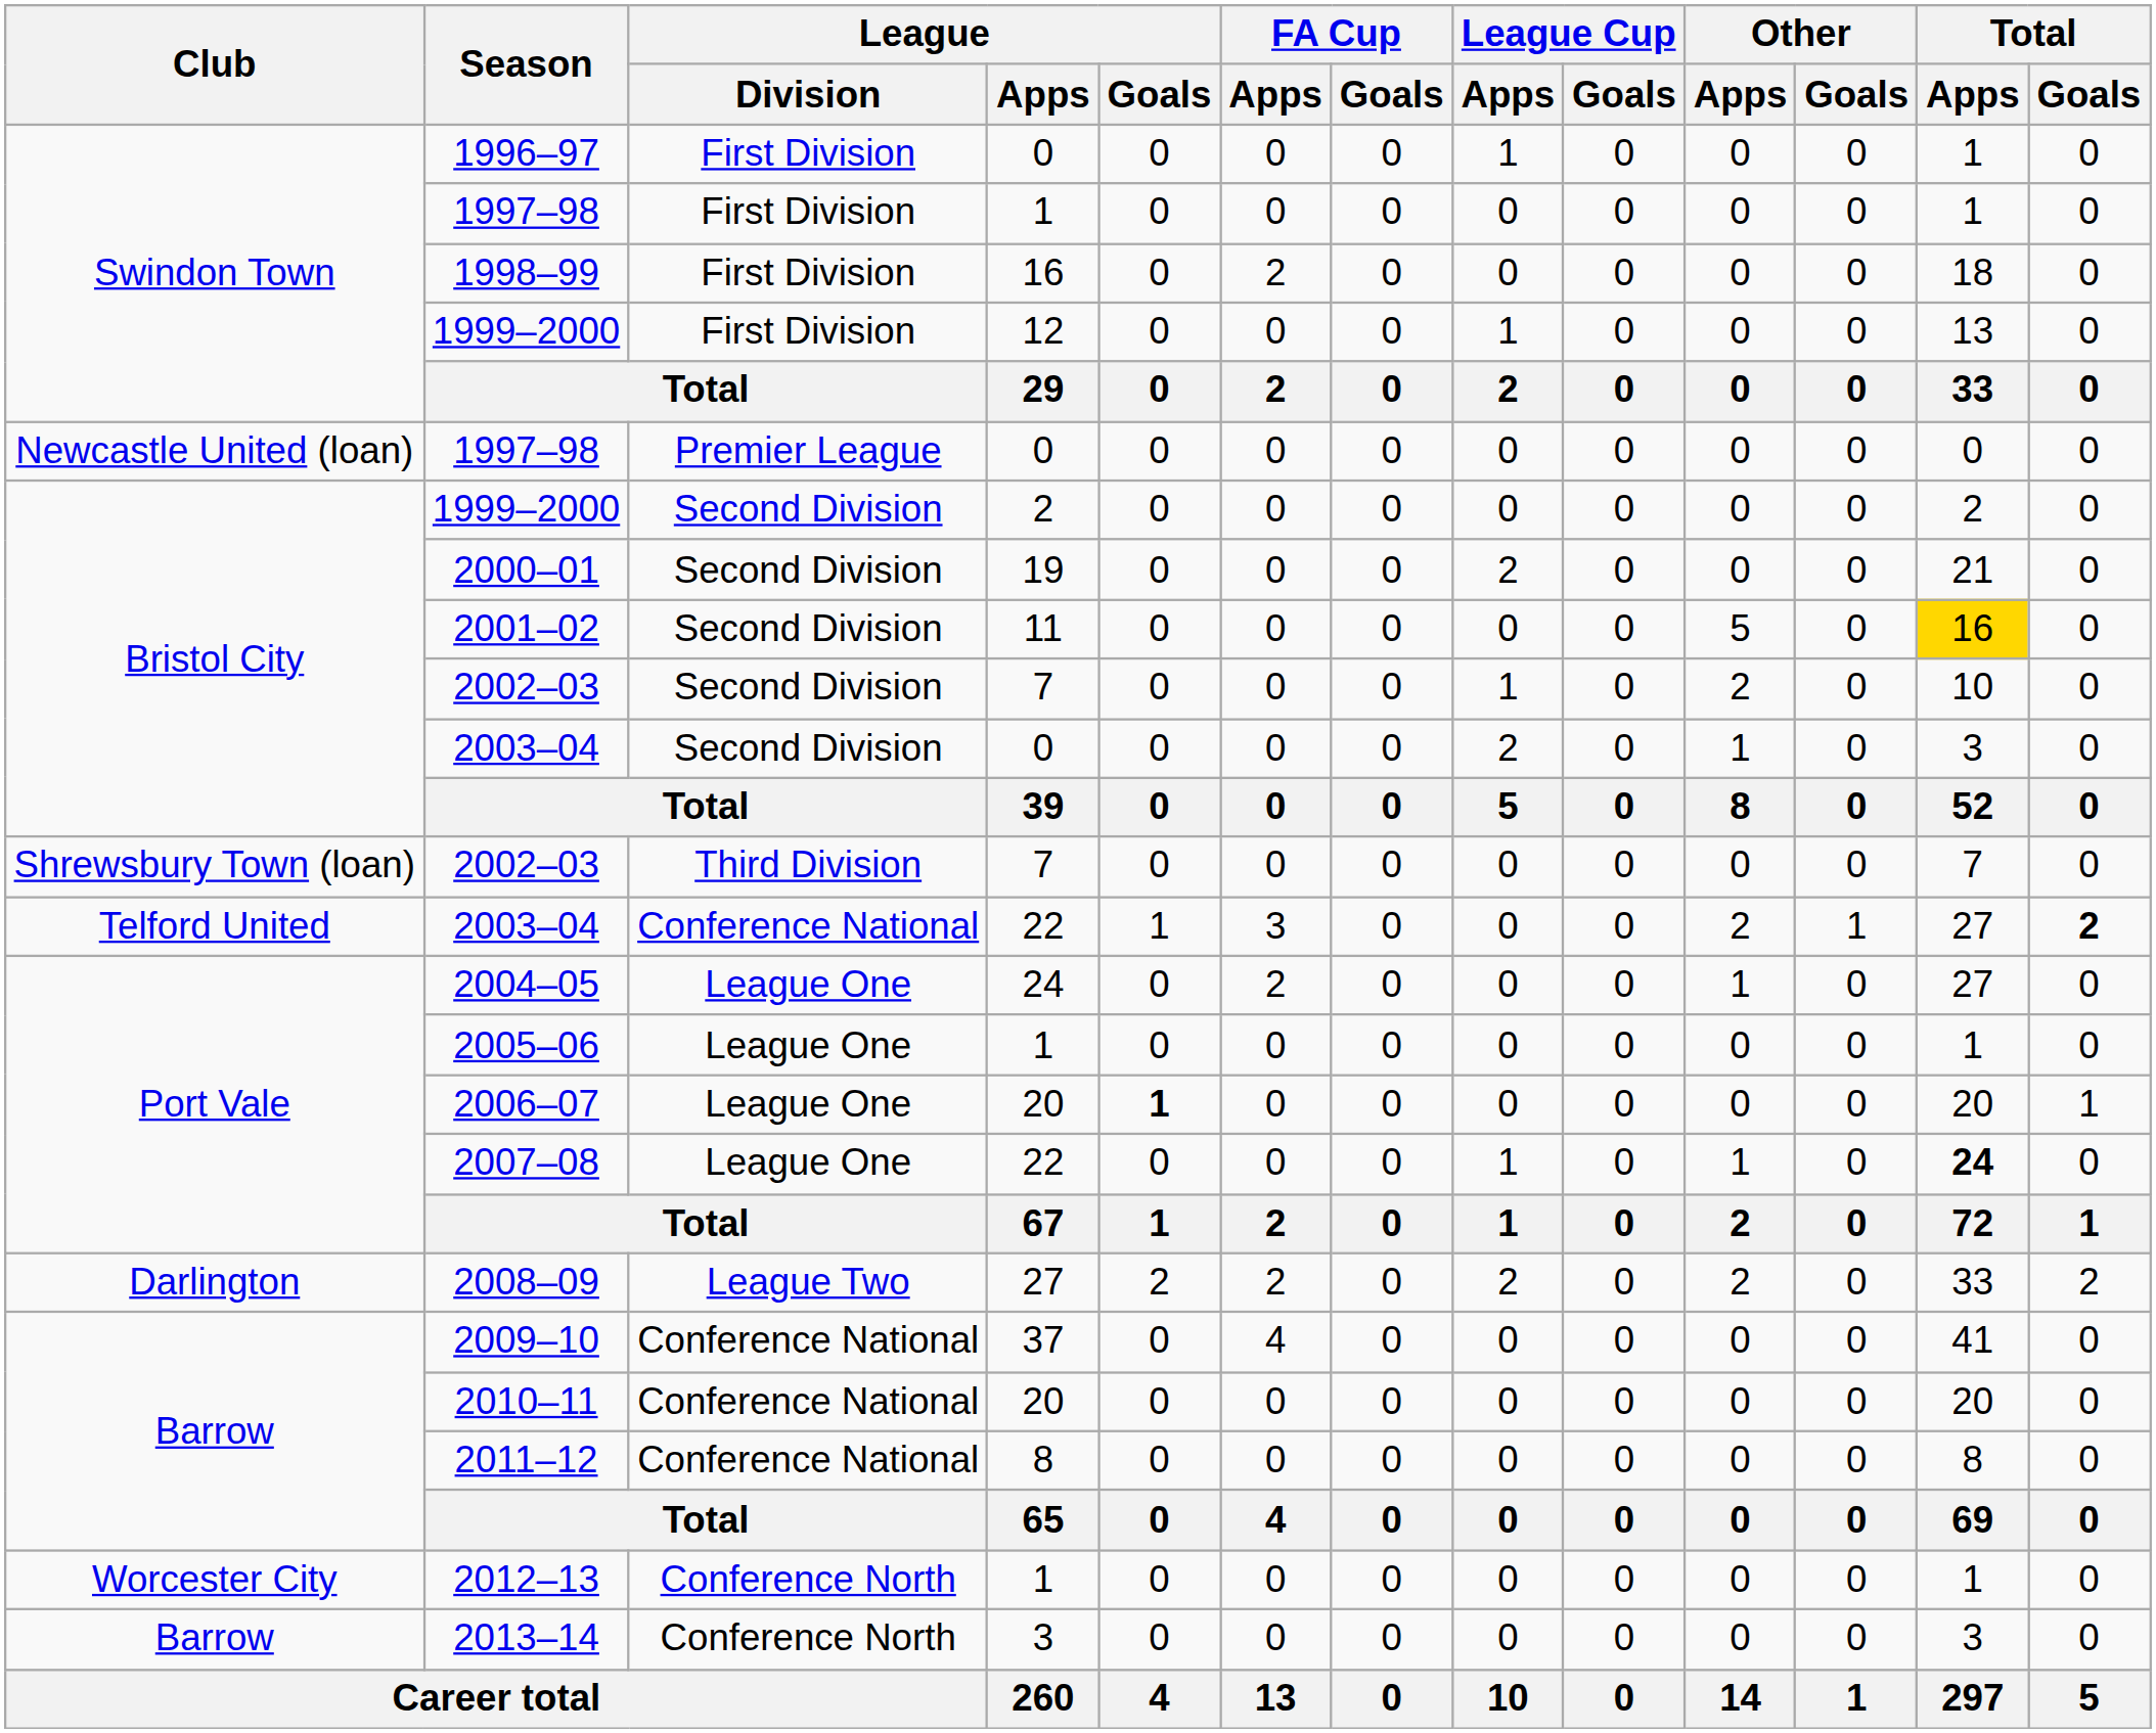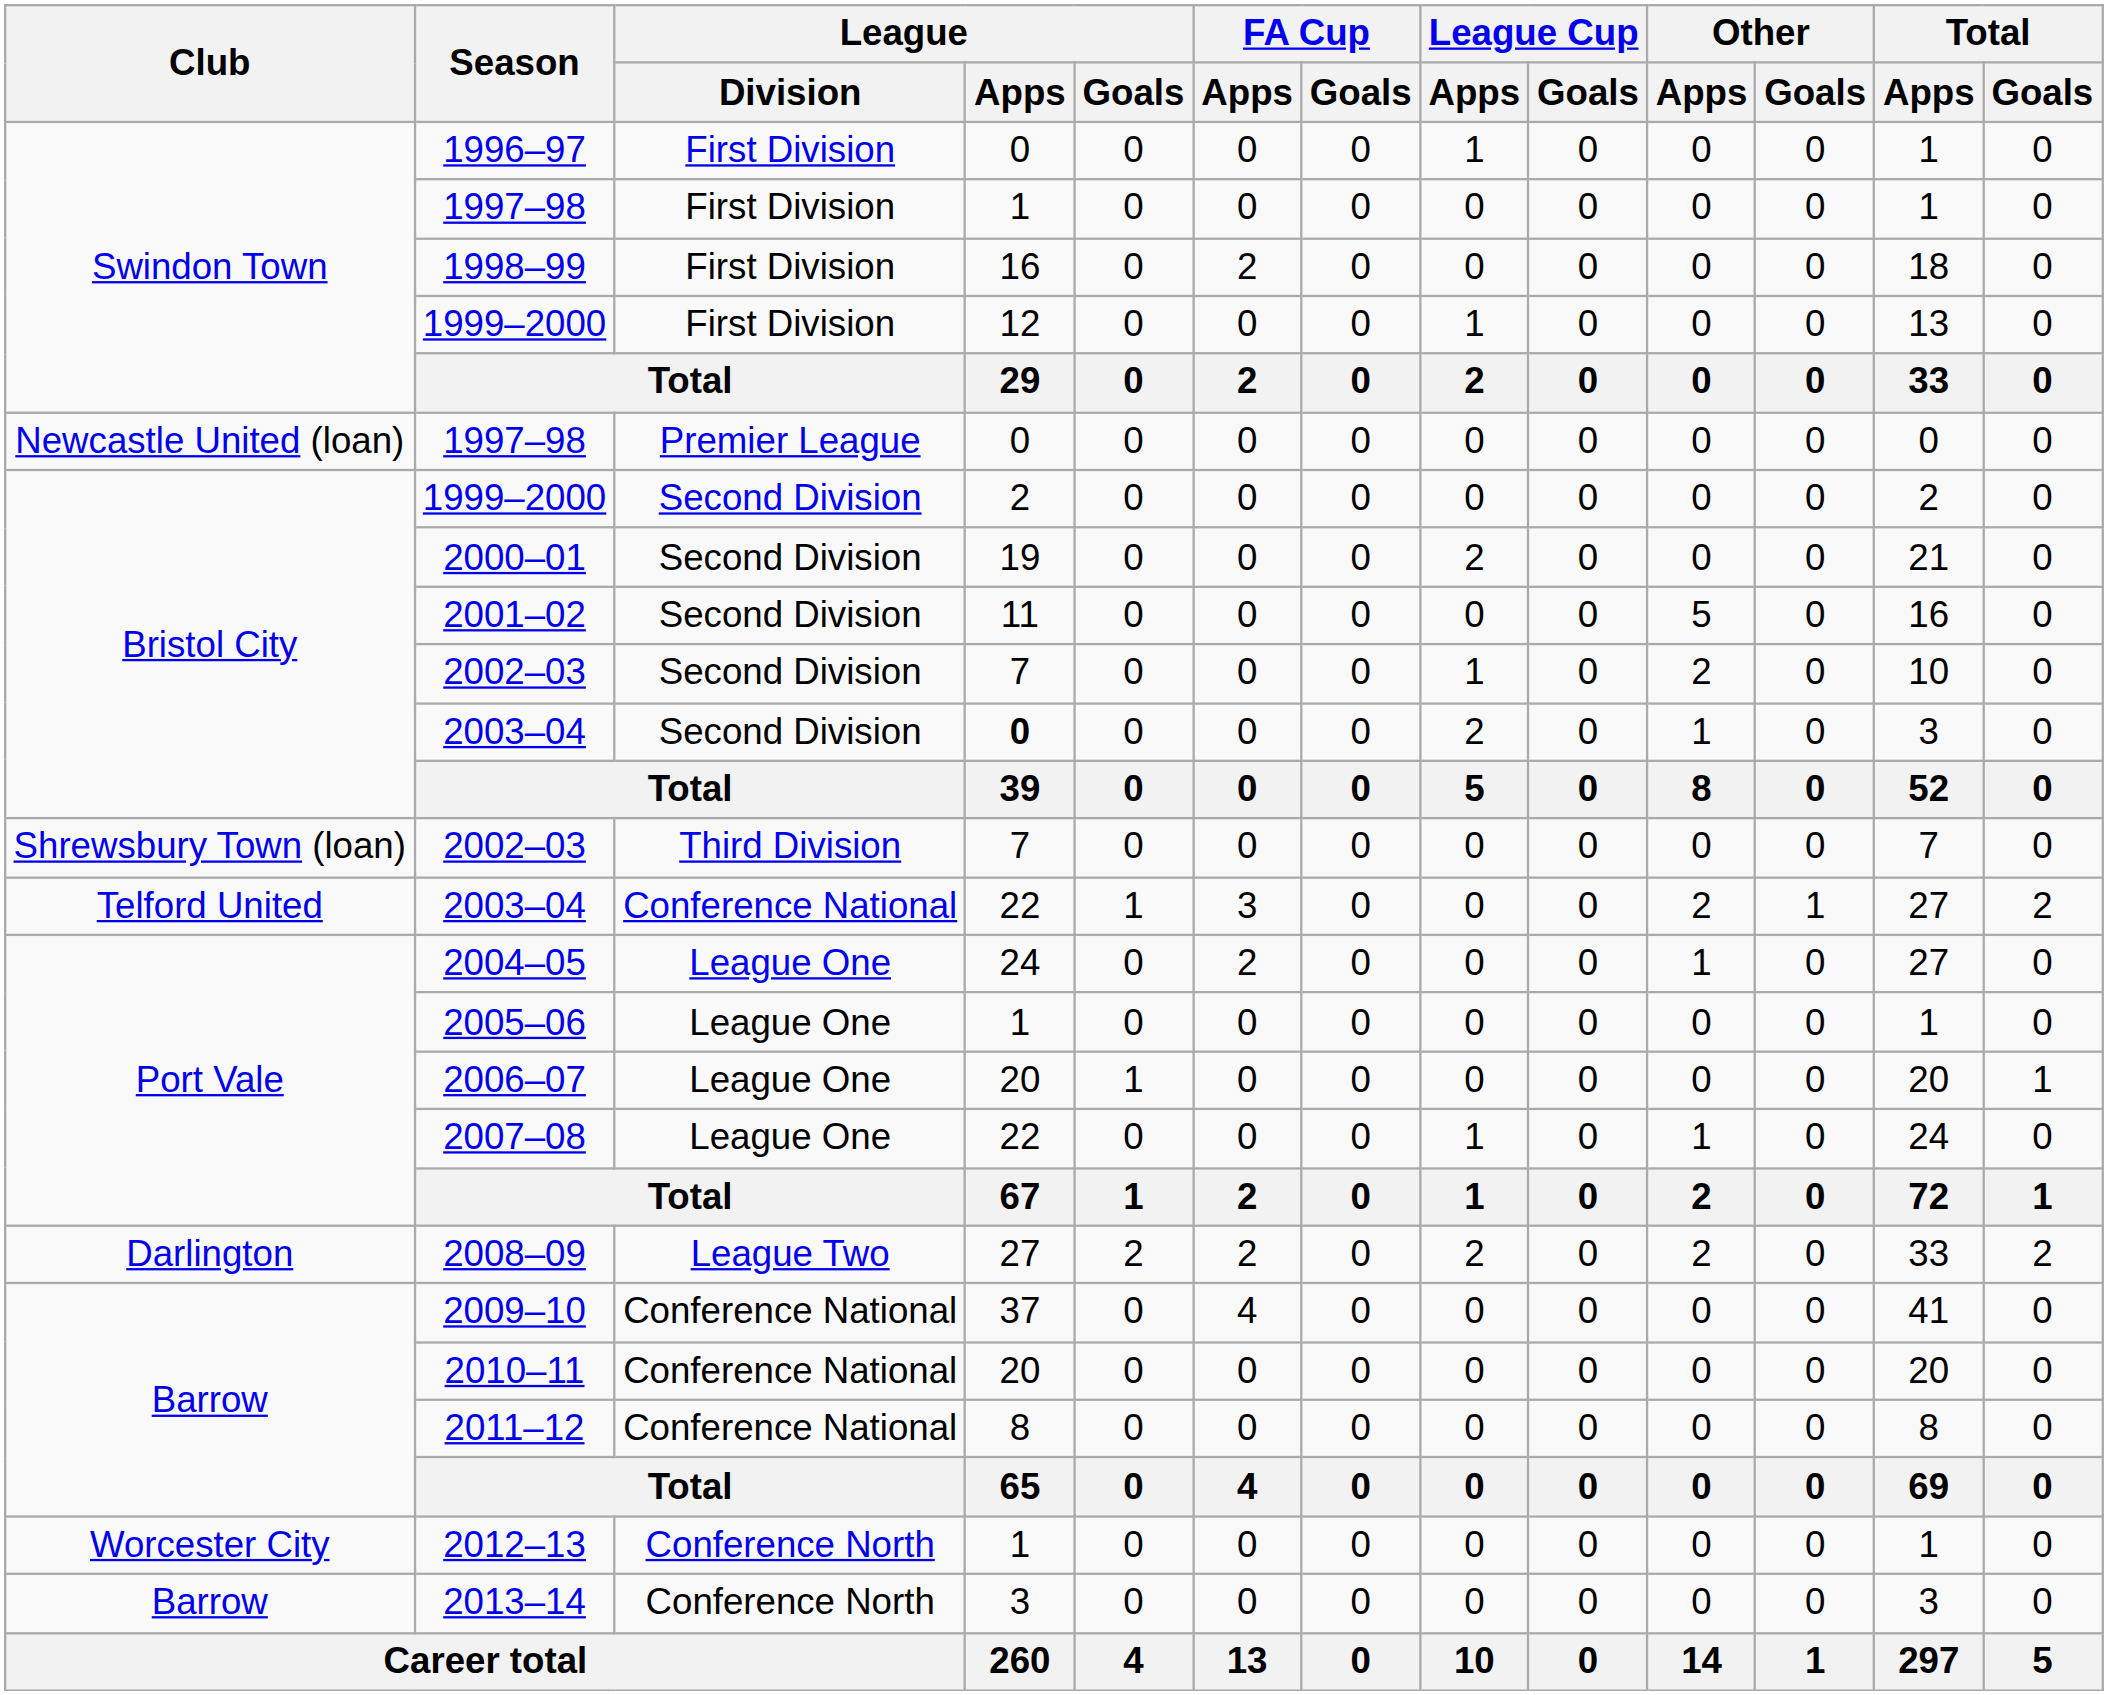 <table class="wikitable" style="text-align:center">
 <tr>
 <th rowspan="2">Club</th>
 <th rowspan="2">Season</th>
 <th colspan="3">League</th>
 <th colspan="2"><a href='#'>FA Cup</a></th>
 <th colspan="2"><a href='#'>League Cup</a></th>
 <th colspan="2">Other</th>
 <th colspan="2">Total</th>
 </tr>
 <tr>
 <th>Division</th>
 <th>Apps</th>
 <th>Goals</th>
 <th>Apps</th>
 <th>Goals</th>
 <th>Apps</th>
 <th>Goals</th>
 <th>Apps</th>
 <th>Goals</th>
 <th>Apps</th>
 <th>Goals</th>
 </tr>
 <tr>
 <td rowspan="5"><a href='#'>Swindon Town</a></td>
 <td><a href='#'>1996–97</a></td>
 <td><a href='#'>First Division</a></td>
 <td>0</td>
 <td>0</td>
 <td>0</td>
 <td>0</td>
 <td>1</td>
 <td>0</td>
 <td>0</td>
 <td>0</td>
 <td>1</td>
 <td>0</td>
 </tr>
 <tr>
 <td><a href='#'>1997–98</a></td>
 <td>First Division</td>
 <td>1</td>
 <td>0</td>
 <td>0</td>
 <td>0</td>
 <td>0</td>
 <td>0</td>
 <td>0</td>
 <td>0</td>
 <td>1</td>
 <td>0</td>
 </tr>
 <tr>
 <td><a href='#'>1998–99</a></td>
 <td>First Division</td>
 <td>16</td>
 <td>0</td>
 <td>2</td>
 <td>0</td>
 <td>0</td>
 <td>0</td>
 <td>0</td>
 <td>0</td>
 <td>18</td>
 <td>0</td>
 </tr>
 <tr>
 <td><a href='#'>1999–2000</a></td>
 <td>First Division</td>
 <td>12</td>
 <td>0</td>
 <td>0</td>
 <td>0</td>
 <td>1</td>
 <td>0</td>
 <td>0</td>
 <td>0</td>
 <td>13</td>
 <td>0</td>
 </tr>
 <tr>
 <th colspan="2">Total</th>
 <th>29</th>
 <th>0</th>
 <th>2</th>
 <th>0</th>
 <th>2</th>
 <th>0</th>
 <th>0</th>
 <th>0</th>
 <th>33</th>
 <th>0</th>
 </tr>
 <tr>
 <td><a href='#'>Newcastle United</a> (loan)</td>
 <td><a href='#'>1997–98</a></td>
 <td><a href='#'>Premier League</a></td>
 <td>0</td>
 <td>0</td>
 <td>0</td>
 <td>0</td>
 <td>0</td>
 <td>0</td>
 <td>0</td>
 <td>0</td>
 <td>0</td>
 <td>0</td>
 </tr>
 <tr>
 <td rowspan="6"><a href='#'>Bristol City</a></td>
 <td><a href='#'>1999–2000</a></td>
 <td><a href='#'>Second Division</a></td>
 <td>2</td>
 <td>0</td>
 <td>0</td>
 <td>0</td>
 <td>0</td>
 <td>0</td>
 <td>0</td>
 <td>0</td>
 <td>2</td>
 <td>0</td>
 </tr>
 <tr>
 <td><a href='#'>2000–01</a></td>
 <td>Second Division</td>
 <td>19</td>
 <td>0</td>
 <td>0</td>
 <td>0</td>
 <td>2</td>
 <td>0</td>
 <td>0</td>
 <td>0</td>
 <td>21</td>
 <td>0</td>
 </tr>
 <tr>
 <td><a href='#'>2001–02</a></td>
 <td>Second Division</td>
 <td>11</td>
 <td>0</td>
 <td>0</td>
 <td>0</td>
 <td>0</td>
 <td>0</td>
 <td>5</td>
 <td>0</td>
-<td style="background: gold;">16</td>
+<td>16</td>
 <td>0</td>
 </tr>
 <tr>
 <td><a href='#'>2002–03</a></td>
 <td>Second Division</td>
 <td>7</td>
 <td>0</td>
 <td>0</td>
 <td>0</td>
 <td>1</td>
 <td>0</td>
 <td>2</td>
 <td>0</td>
 <td>10</td>
 <td>0</td>
 </tr>
 <tr>
 <td><a href='#'>2003–04</a></td>
 <td>Second Division</td>
-<td>0</td>
+<td><strong>0</strong></td>
 <td>0</td>
 <td>0</td>
 <td>0</td>
 <td>2</td>
 <td>0</td>
 <td>1</td>
 <td>0</td>
 <td>3</td>
 <td>0</td>
 </tr>
 <tr>
 <th colspan="2">Total</th>
 <th>39</th>
 <th>0</th>
 <th>0</th>
 <th>0</th>
 <th>5</th>
 <th>0</th>
 <th>8</th>
 <th>0</th>
 <th>52</th>
 <th>0</th>
 </tr>
 <tr>
 <td><a href='#'>Shrewsbury Town</a> (loan)</td>
 <td><a href='#'>2002–03</a></td>
 <td><a href='#'>Third Division</a></td>
 <td>7</td>
 <td>0</td>
 <td>0</td>
 <td>0</td>
 <td>0</td>
 <td>0</td>
 <td>0</td>
 <td>0</td>
 <td>7</td>
 <td>0</td>
 </tr>
 <tr>
 <td><a href='#'>Telford United</a></td>
 <td><a href='#'>2003–04</a></td>
 <td><a href='#'>Conference National</a></td>
 <td>22</td>
 <td>1</td>
 <td>3</td>
 <td>0</td>
 <td>0</td>
 <td>0</td>
 <td>2</td>
 <td>1</td>
 <td>27</td>
-<td><strong>2</strong></td>
+<td>2</td>
 </tr>
 <tr>
 <td rowspan="5"><a href='#'>Port Vale</a></td>
 <td><a href='#'>2004–05</a></td>
 <td><a href='#'>League One</a></td>
 <td>24</td>
 <td>0</td>
 <td>2</td>
 <td>0</td>
 <td>0</td>
 <td>0</td>
 <td>1</td>
 <td>0</td>
 <td>27</td>
 <td>0</td>
 </tr>
 <tr>
 <td><a href='#'>2005–06</a></td>
 <td>League One</td>
 <td>1</td>
 <td>0</td>
 <td>0</td>
 <td>0</td>
 <td>0</td>
 <td>0</td>
 <td>0</td>
 <td>0</td>
 <td>1</td>
 <td>0</td>
 </tr>
 <tr>
 <td><a href='#'>2006–07</a></td>
 <td>League One</td>
 <td>20</td>
-<td><strong>1</strong></td>
+<td>1</td>
 <td>0</td>
 <td>0</td>
 <td>0</td>
 <td>0</td>
 <td>0</td>
 <td>0</td>
 <td>20</td>
 <td>1</td>
 </tr>
 <tr>
 <td><a href='#'>2007–08</a></td>
 <td>League One</td>
 <td>22</td>
 <td>0</td>
 <td>0</td>
 <td>0</td>
 <td>1</td>
 <td>0</td>
 <td>1</td>
 <td>0</td>
-<td><strong>24</strong></td>
+<td>24</td>
 <td>0</td>
 </tr>
 <tr>
 <th colspan="2">Total</th>
 <th>67</th>
 <th>1</th>
 <th>2</th>
 <th>0</th>
 <th>1</th>
 <th>0</th>
 <th>2</th>
 <th>0</th>
 <th>72</th>
 <th>1</th>
 </tr>
 <tr>
 <td><a href='#'>Darlington</a></td>
 <td><a href='#'>2008–09</a></td>
 <td><a href='#'>League Two</a></td>
 <td>27</td>
 <td>2</td>
 <td>2</td>
 <td>0</td>
 <td>2</td>
 <td>0</td>
 <td>2</td>
 <td>0</td>
 <td>33</td>
 <td>2</td>
 </tr>
 <tr>
 <td rowspan="4"><a href='#'>Barrow</a></td>
 <td><a href='#'>2009–10</a></td>
 <td>Conference National</td>
 <td>37</td>
 <td>0</td>
 <td>4</td>
 <td>0</td>
 <td>0</td>
 <td>0</td>
 <td>0</td>
 <td>0</td>
 <td>41</td>
 <td>0</td>
 </tr>
 <tr>
 <td><a href='#'>2010–11</a></td>
 <td>Conference National</td>
 <td>20</td>
 <td>0</td>
 <td>0</td>
 <td>0</td>
 <td>0</td>
 <td>0</td>
 <td>0</td>
 <td>0</td>
 <td>20</td>
 <td>0</td>
 </tr>
 <tr>
 <td><a href='#'>2011–12</a></td>
 <td>Conference National</td>
 <td>8</td>
 <td>0</td>
 <td>0</td>
 <td>0</td>
 <td>0</td>
 <td>0</td>
 <td>0</td>
 <td>0</td>
 <td>8</td>
 <td>0</td>
 </tr>
 <tr>
 <th colspan="2">Total</th>
 <th>65</th>
 <th>0</th>
 <th>4</th>
 <th>0</th>
 <th>0</th>
 <th>0</th>
 <th>0</th>
 <th>0</th>
 <th>69</th>
 <th>0</th>
 </tr>
 <tr>
 <td><a href='#'>Worcester City</a></td>
 <td><a href='#'>2012–13</a></td>
 <td><a href='#'>Conference North</a></td>
 <td>1</td>
 <td>0</td>
 <td>0</td>
 <td>0</td>
 <td>0</td>
 <td>0</td>
 <td>0</td>
 <td>0</td>
 <td>1</td>
 <td>0</td>
 </tr>
 <tr>
 <td><a href='#'>Barrow</a></td>
 <td><a href='#'>2013–14</a></td>
 <td>Conference North</td>
 <td>3</td>
 <td>0</td>
 <td>0</td>
 <td>0</td>
 <td>0</td>
 <td>0</td>
 <td>0</td>
 <td>0</td>
 <td>3</td>
 <td>0</td>
 </tr>
 <tr>
 <th colspan="3">Career total</th>
 <th>260</th>
 <th>4</th>
 <th>13</th>
 <th>0</th>
 <th>10</th>
 <th>0</th>
 <th>14</th>
 <th>1</th>
 <th>297</th>
 <th>5</th>
 </tr>
 </table>
